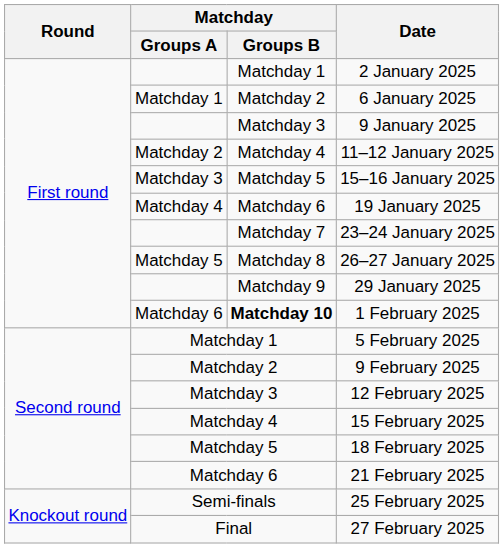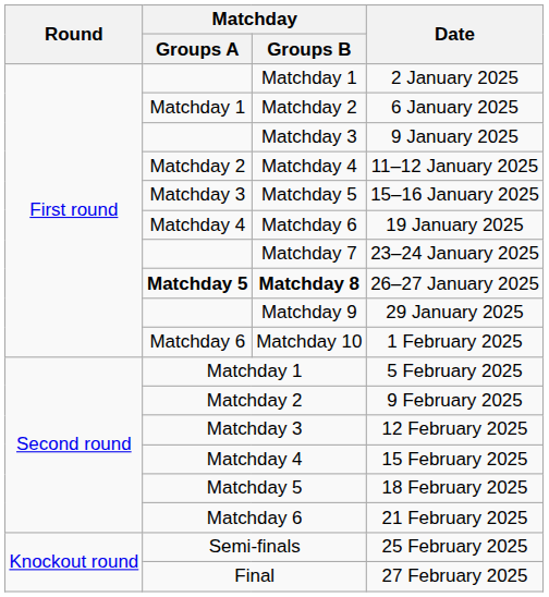 <table class="wikitable" style="text-align:center">
 <tr>
 <th rowspan="2">Round</th>
 <th colspan="2">Matchday</th>
 <th rowspan="2">Date</th>
 </tr>
 <tr>
 <th>Groups A</th>
 <th>Groups B</th>
 </tr>
 <tr>
 <td rowspan="10"><a href='#'>First round</a></td>
 <td></td>
 <td>Matchday 1</td>
 <td>2 January 2025</td>
 </tr>
 <tr>
 <td>Matchday 1</td>
 <td>Matchday 2</td>
 <td>6 January 2025</td>
 </tr>
 <tr>
 <td></td>
 <td>Matchday 3</td>
 <td>9 January 2025</td>
 </tr>
 <tr>
 <td>Matchday 2</td>
 <td>Matchday 4</td>
 <td>11–12 January 2025</td>
 </tr>
 <tr>
 <td>Matchday 3</td>
 <td>Matchday 5</td>
 <td>15–16 January 2025</td>
 </tr>
 <tr>
 <td>Matchday 4</td>
 <td>Matchday 6</td>
 <td>19 January 2025</td>
 </tr>
 <tr>
 <td></td>
 <td>Matchday 7</td>
 <td>23–24 January 2025</td>
 </tr>
 <tr>
-<td>Matchday 5</td>
-<td>Matchday 8</td>
+<td><strong>Matchday 5</strong></td>
+<td><strong>Matchday 8</strong></td>
 <td>26–27 January 2025</td>
 </tr>
 <tr>
 <td></td>
 <td>Matchday 9</td>
 <td>29 January 2025</td>
 </tr>
 <tr>
 <td>Matchday 6</td>
-<td><strong>Matchday 10</strong></td>
+<td>Matchday 10</td>
 <td>1 February 2025</td>
 </tr>
 <tr>
 <td rowspan="6"><a href='#'>Second round</a></td>
 <td colspan="2">Matchday 1</td>
 <td>5 February 2025</td>
 </tr>
 <tr>
 <td colspan="2">Matchday 2</td>
 <td>9 February 2025</td>
 </tr>
 <tr>
 <td colspan="2">Matchday 3</td>
 <td>12 February 2025</td>
 </tr>
 <tr>
 <td colspan="2">Matchday 4</td>
 <td>15 February 2025</td>
 </tr>
 <tr>
 <td colspan="2">Matchday 5</td>
 <td>18 February 2025</td>
 </tr>
 <tr>
 <td colspan="2">Matchday 6</td>
 <td>21 February 2025</td>
 </tr>
 <tr>
 <td rowspan="3"><a href='#'>Knockout round</a></td>
 <td colspan="2">Semi-finals</td>
 <td>25 February 2025</td>
 </tr>
 <tr>
 <td colspan="2">Final</td>
 <td>27 February 2025</td>
 </tr>
 </table>
